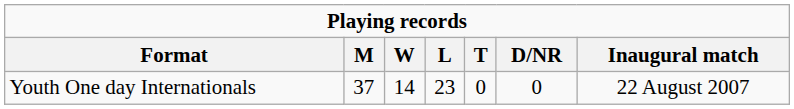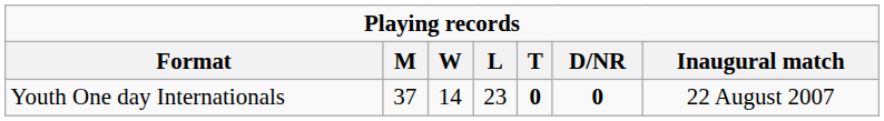 <table class="wikitable" style="text-align: center; width: 600px">
 <tr>
 <td colspan="8" align="center"><strong>Playing records</strong></td>
 </tr>
 <tr>
 <th>Format</th>
 <th>M</th>
 <th>W</th>
 <th>L</th>
 <th>T</th>
 <th>D/NR</th>
 <th>Inaugural match</th>
 </tr>
 <tr>
 <td align="left">Youth One day Internationals</td>
 <td>37</td>
 <td>14</td>
 <td>23</td>
-<td>0</td>
-<td>0</td>
+<td><strong>0</strong></td>
+<td><strong>0</strong></td>
 <td>22 August 2007</td>
 </tr>
 </table>
